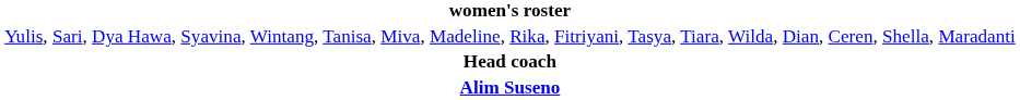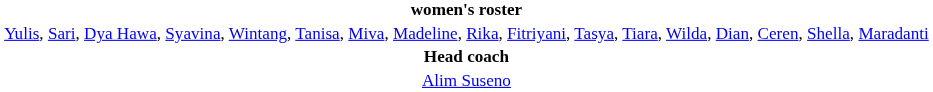 <table style="text-align:center; margin-top:2em; margin-left:auto; margin-right:auto">
 <tr>
 <td><strong>women's roster</strong></td>
 </tr>
 <tr>
 <td><a href='#'>Yulis</a>, <a href='#'>Sari</a>, <a href='#'>Dya Hawa</a>, <a href='#'>Syavina</a>, <a href='#'>Wintang</a>, <a href='#'>Tanisa</a>, <a href='#'>Miva</a>, <a href='#'>Madeline</a>, <a href='#'>Rika</a>, <a href='#'>Fitriyani</a>, <a href='#'>Tasya</a>, <a href='#'>Tiara</a>, <a href='#'>Wilda</a>, <a href='#'>Dian</a>, <a href='#'>Ceren</a>, <a href='#'>Shella</a>, <a href='#'>Maradanti</a></td>
 </tr>
 <tr>
 <td><strong>Head coach</strong></td>
 </tr>
 <tr>
-<td><strong> <a href='#'>Alim Suseno</a></strong></td>
+<td> <a href='#'>Alim Suseno</a></td>
 </tr>
 </table>
